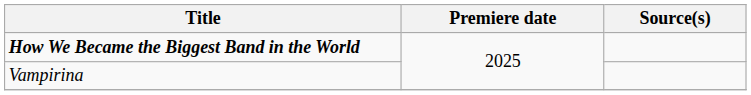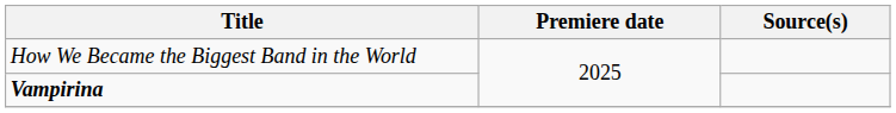 <table class="wikitable plainrowheaders sortable" style="width:75%;text-align:center;">
 <tr>
 <th scope="col" style="width:20%;">Title</th>
 <th scope="col" style="width:10%;">Premiere date</th>
 <th class="unsortable" style="width:5%;">Source(s)</th>
 </tr>
 <tr>
-<td scope="row" style="text-align:left;"><strong><em>How We Became the Biggest Band in the World</em></strong></td>
+<td scope="row" style="text-align:left;"><em>How We Became the Biggest Band in the World</em></td>
 <td rowspan="2">2025</td>
 <td></td>
 </tr>
 <tr>
-<td scope="row" style="text-align:left;"><em>Vampirina</em></td>
+<td scope="row" style="text-align:left;"><strong><em>Vampirina</em></strong></td>
 <td></td>
 </tr>
 <tr>
 </tr>
 </table>
